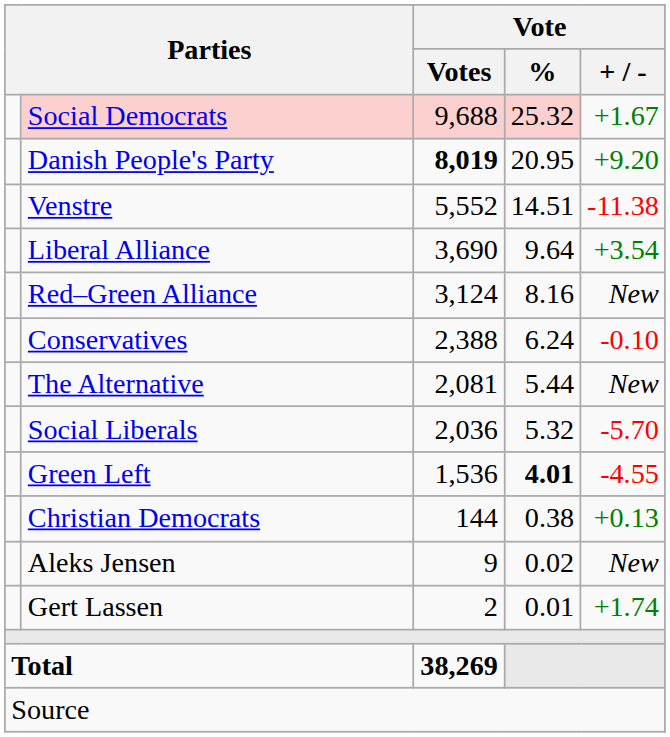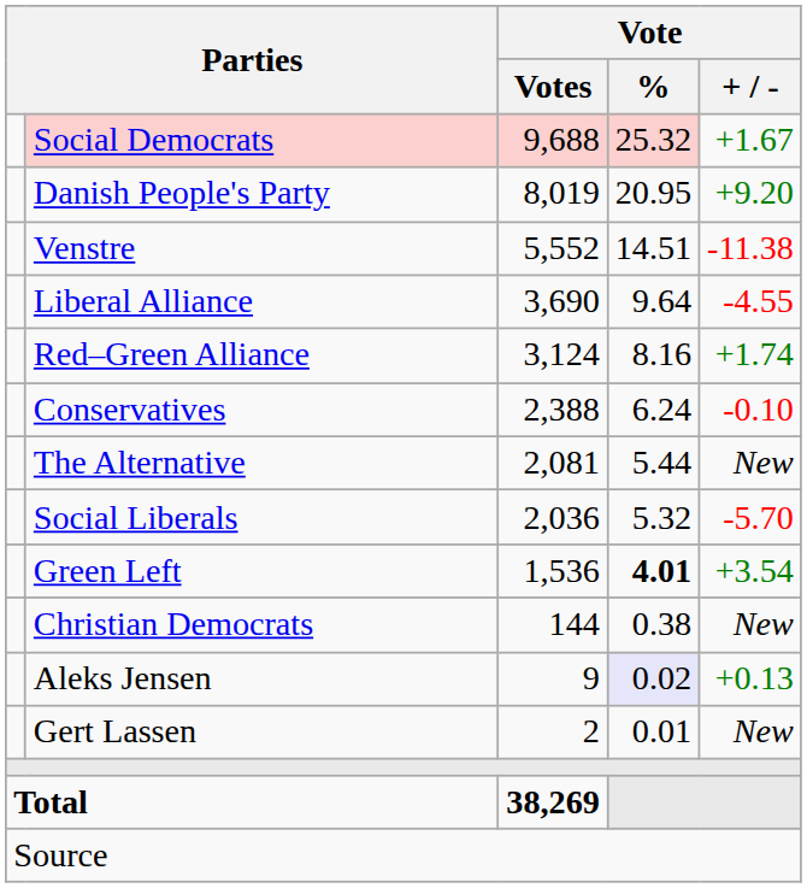 <table class="wikitable" style="text-align:right;">
 <tr>
 <th style="text-align:centre;" rowspan="2" colspan="2" width="225">Parties</th>
 <th colspan="3">Vote</th>
 </tr>
 <tr>
 <th width="15">Votes</th>
 <th width="15">%</th>
 <th width="15">+ / -</th>
 </tr>
 <tr>
 <td width="2" style="color:inherit;background:"></td>
 <td bgcolor=#fbd0ce  align="left"><a href='#'>Social Democrats</a></td>
 <td bgcolor=#fbd0ce>9,688</td>
 <td bgcolor=#fbd0ce>25.32</td>
 <td style=color:green;>+1.67</td>
 </tr>
 <tr>
 <td width="2" style="color:inherit;background:"></td>
 <td align="left"><a href='#'>Danish People's Party</a></td>
-<td><strong>8,019</strong></td>
+<td>8,019</td>
 <td>20.95</td>
 <td style=color:green;>+9.20</td>
 </tr>
 <tr>
 <td width="2" style="color:inherit;background:"></td>
 <td align="left"><a href='#'>Venstre</a></td>
 <td>5,552</td>
 <td>14.51</td>
 <td style=color:red;>-11.38</td>
 </tr>
 <tr>
 <td width="2" style="color:inherit;background:"></td>
 <td align="left"><a href='#'>Liberal Alliance</a></td>
 <td>3,690</td>
 <td>9.64</td>
-<td style=color:green;>+3.54</td>
+<td style=color:red;>-4.55</td>
 </tr>
 <tr>
 <td width="2" style="color:inherit;background:"></td>
 <td align="left"><a href='#'>Red–Green Alliance</a></td>
 <td>3,124</td>
 <td>8.16</td>
-<td><em>New</em></td>
+<td style=color:green;>+1.74</td>
 </tr>
 <tr>
 <td width="2" style="color:inherit;background:"></td>
 <td align="left"><a href='#'>Conservatives</a></td>
 <td>2,388</td>
 <td>6.24</td>
 <td style=color:red;>-0.10</td>
 </tr>
 <tr>
 <td width="2" style="color:inherit;background:"></td>
 <td align="left"><a href='#'>The Alternative</a></td>
 <td>2,081</td>
 <td>5.44</td>
 <td><em>New</em></td>
 </tr>
 <tr>
 <td width="2" style="color:inherit;background:"></td>
 <td align="left"><a href='#'>Social Liberals</a></td>
 <td>2,036</td>
 <td>5.32</td>
 <td style=color:red;>-5.70</td>
 </tr>
 <tr>
 <td width="2" style="color:inherit;background:"></td>
 <td align="left"><a href='#'>Green Left</a></td>
 <td>1,536</td>
 <td><strong>4.01</strong></td>
-<td style=color:red;>-4.55</td>
+<td style=color:green;>+3.54</td>
 </tr>
 <tr>
 <td width="2" style="color:inherit;background:"></td>
 <td align="left"><a href='#'>Christian Democrats</a></td>
 <td>144</td>
 <td>0.38</td>
-<td style=color:green;>+0.13</td>
+<td><em>New</em></td>
 </tr>
 <tr>
 <td width="2" style="color:inherit;background:"></td>
 <td align="left">Aleks Jensen</td>
 <td>9</td>
-<td>0.02</td>
-<td><em>New</em></td>
+<td style="background: lavender;">0.02</td>
+<td style=color:green;>+0.13</td>
 </tr>
 <tr>
 <td width="2" style="color:inherit;background:"></td>
 <td align="left">Gert Lassen</td>
 <td>2</td>
 <td>0.01</td>
-<td style=color:green;>+1.74</td>
+<td><em>New</em></td>
 </tr>
 <tr>
 <td colspan="7" bgcolor="#E9E9E9"></td>
 </tr>
 <tr>
 <td align="left" colspan="2"><strong>Total</strong></td>
 <td><strong>38,269</strong></td>
 <td bgcolor="#E9E9E9" colspan="2"></td>
 </tr>
 <tr>
 <td align="left" colspan="6">Source</td>
 </tr>
 </table>
